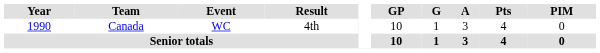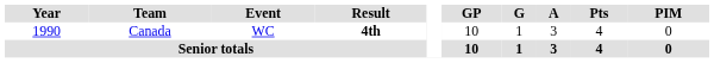 <table border="0" cellpadding="1" cellspacing="0" style="text-align:center; width:50em">
 <tr ALIGN="center" bgcolor="#e0e0e0">
 <th>Year</th>
 <th>Team</th>
 <th>Event</th>
 <th>Result</th>
 <th rowspan="99" bgcolor="#ffffff"> </th>
 <th>GP</th>
 <th>G</th>
 <th>A</th>
 <th>Pts</th>
 <th>PIM</th>
 </tr>
 <tr>
 <td><a href='#'>1990</a></td>
 <td><a href='#'>Canada</a></td>
 <td><a href='#'>WC</a></td>
-<td>4th</td>
+<td><strong>4th</strong></td>
 <td>10</td>
 <td>1</td>
 <td>3</td>
 <td>4</td>
 <td>0</td>
 </tr>
 <tr style="background:#e0e0e0;">
 <th colspan=4>Senior totals</th>
 <th>10</th>
 <th>1</th>
 <th>3</th>
 <th>4</th>
 <th>0</th>
 </tr>
 </table>
